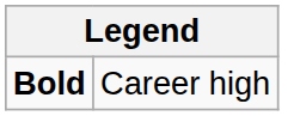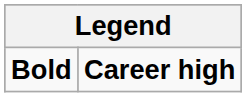 <table class="wikitable">
 <tr>
 <th colspan="2">Legend</th>
 </tr>
 <tr>
 <td><strong>Bold</strong></td>
-<td>Career high</td>
+<td><strong>Career high</strong></td>
 </tr>
 </table>
